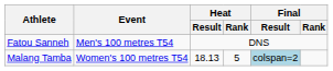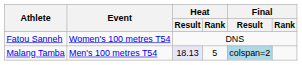 <table class="wikitable" style="text-align: center; font-size:90%">
 <tr>
 <th rowspan="2">Athlete</th>
 <th rowspan="2">Event</th>
 <th colspan="2">Heat</th>
 <th colspan="2">Final</th>
 </tr>
 <tr style="font-size:95%">
 <th>Result</th>
 <th>Rank</th>
 <th>Result</th>
 <th>Rank</th>
 </tr>
 <tr>
 <td align=left><a href='#'>Fatou Sanneh</a></td>
-<td align=left><a href='#'>Men's 100 metres T54</a></td>
+<td align=left><a href='#'>Women's 100 metres T54</a></td>
 <td colspan=4>DNS</td>
 </tr>
 <tr align=center>
 <td align=left><a href='#'>Malang Tamba</a></td>
-<td align=left><a href='#'>Women's 100 metres T54</a></td>
-<td>18.13</td>
+<td align=left><a href='#'>Men's 100 metres T54</a></td>
+<td style="background: lavender;">18.13</td>
 <td>5</td>
 <td style="background: lightblue;">colspan=2 </td>
 </tr>
 </table>
